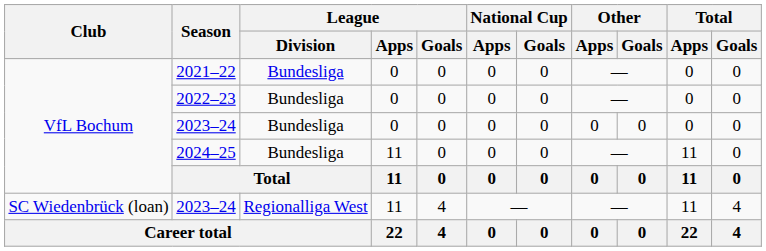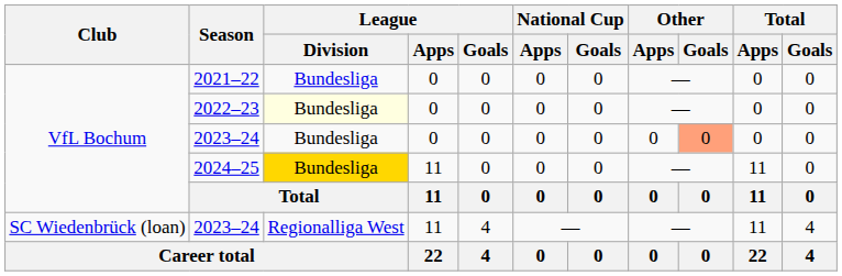 <table class="wikitable" style="text-align:center">
 <tr>
 <th rowspan="2">Club</th>
 <th rowspan="2">Season</th>
 <th colspan="3">League</th>
 <th colspan="2">National Cup</th>
 <th colspan="2">Other</th>
 <th colspan="2">Total</th>
 </tr>
 <tr>
 <th>Division</th>
 <th>Apps</th>
 <th>Goals</th>
 <th>Apps</th>
 <th>Goals</th>
 <th>Apps</th>
 <th>Goals</th>
 <th>Apps</th>
 <th>Goals</th>
 </tr>
 <tr>
 <td rowspan="5"><a href='#'>VfL Bochum</a></td>
 <td><a href='#'>2021–22</a></td>
 <td><a href='#'>Bundesliga</a></td>
 <td>0</td>
 <td>0</td>
 <td>0</td>
 <td>0</td>
 <td colspan="2">—</td>
 <td>0</td>
 <td>0</td>
 </tr>
 <tr>
 <td><a href='#'>2022–23</a></td>
-<td>Bundesliga</td>
+<td style="background: lightyellow;">Bundesliga</td>
 <td>0</td>
 <td>0</td>
 <td>0</td>
 <td>0</td>
 <td colspan="2">—</td>
 <td>0</td>
 <td>0</td>
 </tr>
 <tr>
 <td><a href='#'>2023–24</a></td>
 <td>Bundesliga</td>
 <td>0</td>
 <td>0</td>
 <td>0</td>
 <td>0</td>
 <td>0</td>
-<td>0</td>
+<td style="background: lightsalmon;">0</td>
 <td>0</td>
 <td>0</td>
 </tr>
 <tr>
 <td><a href='#'>2024–25</a></td>
-<td>Bundesliga</td>
+<td style="background: gold;">Bundesliga</td>
 <td>11</td>
 <td>0</td>
 <td>0</td>
 <td>0</td>
 <td colspan="2">—</td>
 <td>11</td>
 <td>0</td>
 </tr>
 <tr>
 <th colspan="2">Total</th>
 <th>11</th>
 <th>0</th>
 <th>0</th>
 <th>0</th>
 <th>0</th>
 <th>0</th>
 <th>11</th>
 <th>0</th>
 </tr>
 <tr>
 <td><a href='#'>SC Wiedenbrück</a> (loan)</td>
 <td><a href='#'>2023–24</a></td>
 <td><a href='#'>Regionalliga West</a></td>
 <td>11</td>
 <td>4</td>
 <td colspan="2">—</td>
 <td colspan="2">—</td>
 <td>11</td>
 <td>4</td>
 </tr>
 <tr>
 <th colspan="3">Career total</th>
 <th>22</th>
 <th>4</th>
 <th>0</th>
 <th>0</th>
 <th>0</th>
 <th>0</th>
 <th>22</th>
 <th>4</th>
 </tr>
 </table>
